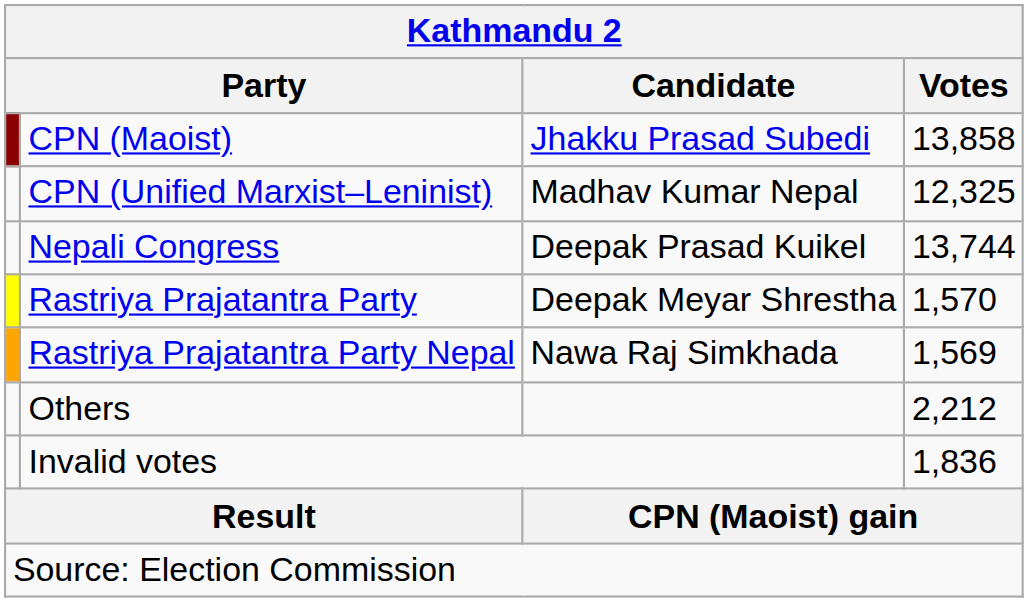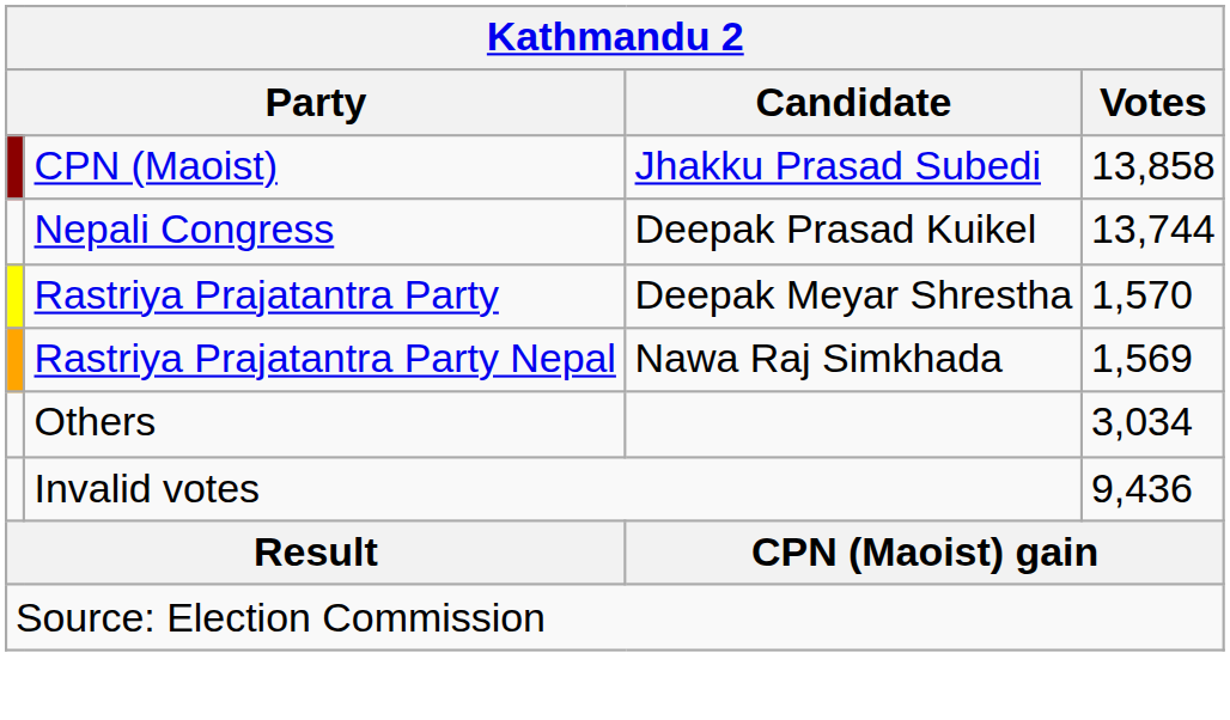 <table class="wikitable">
 <tr>
 <th colspan="4"><a href='#'>Kathmandu 2</a></th>
 </tr>
 <tr>
 <th colspan="2">Party</th>
 <th>Candidate</th>
 <th>Votes</th>
 </tr>
 <tr>
 <td style="background-color:darkred"></td>
 <td><a href='#'>CPN (Maoist)</a></td>
 <td><a href='#'>Jhakku Prasad Subedi</a></td>
 <td>13,858</td>
-</tr>
-<tr>
-<td style="background-color:"></td>
-<td><a href='#'>CPN (Unified Marxist–Leninist)</a></td>
-<td>Madhav Kumar Nepal</td>
-<td>12,325</td>
 </tr>
 <tr>
 <td style="background-color:"></td>
 <td><a href='#'>Nepali Congress</a></td>
 <td>Deepak Prasad Kuikel</td>
 <td>13,744</td>
 </tr>
 <tr>
 <td style="background-color:yellow"></td>
 <td><a href='#'>Rastriya Prajatantra Party</a></td>
 <td>Deepak Meyar Shrestha</td>
 <td>1,570</td>
 </tr>
 <tr>
 <td style="background-color:orange"></td>
 <td><a href='#'>Rastriya Prajatantra Party Nepal</a></td>
 <td>Nawa Raj Simkhada</td>
 <td>1,569</td>
 </tr>
 <tr>
 <td></td>
 <td>Others</td>
 <td></td>
-<td>2,212</td>
+<td>3,034</td>
 </tr>
 <tr>
 <td></td>
 <td colspan="2">Invalid votes</td>
-<td>1,836</td>
+<td>9,436</td>
 </tr>
 <tr>
 <th colspan="2">Result</th>
 <th colspan="2">CPN (Maoist) gain</th>
 </tr>
 <tr>
 <td colspan="4">Source: Election Commission</td>
 </tr>
 </table>
